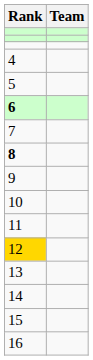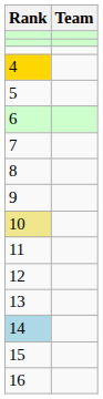 <table class="wikitable">
 <tr>
 <th>Rank</th>
 <th>Team</th>
 </tr>
 <tr bgcolor="#ccffcc">
 <td></td>
 <td></td>
 </tr>
 <tr bgcolor="#ccffcc">
 <td></td>
 <td></td>
 </tr>
 <tr>
 <td></td>
 <td></td>
 </tr>
 <tr>
-<td>4</td>
+<td style="background: gold;">4</td>
 <td></td>
 </tr>
 <tr>
 <td>5</td>
 <td></td>
 </tr>
 <tr bgcolor="#ccffcc">
-<td><strong>6</strong></td>
+<td>6</td>
 <td><sup></sup></td>
 </tr>
 <tr>
 <td>7</td>
 <td></td>
 </tr>
 <tr>
-<td><strong>8</strong></td>
+<td>8</td>
 <td></td>
 </tr>
 <tr>
 <td>9</td>
 <td></td>
 </tr>
 <tr>
-<td>10</td>
+<td style="background: khaki;">10</td>
 <td></td>
 </tr>
 <tr>
 <td>11</td>
 <td></td>
 </tr>
 <tr>
-<td style="background: gold;">12</td>
+<td>12</td>
 <td></td>
 </tr>
 <tr>
 <td>13</td>
 <td></td>
 </tr>
 <tr>
-<td>14</td>
+<td style="background: lightblue;">14</td>
 <td></td>
 </tr>
 <tr>
 <td>15</td>
 <td></td>
 </tr>
 <tr>
 <td>16</td>
 <td></td>
 </tr>
 </table>
